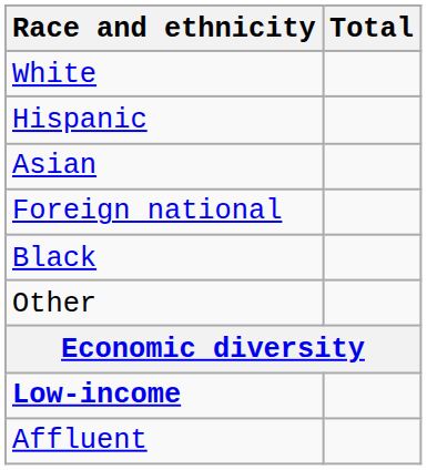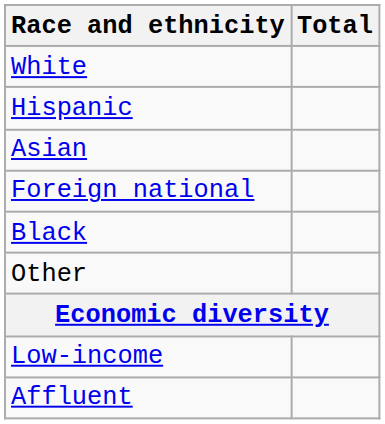 <table class="wikitable floatright sortable collapsible"; text-align:right; font-size:80%;">
 <tr>
 <th>Race and ethnicity</th>
 <th colspan="2" data-sort-type=number>Total</th>
 </tr>
 <tr>
 <td><a href='#'>White</a></td>
 <td align=right></td>
 </tr>
 <tr>
 <td><a href='#'>Hispanic</a></td>
 <td align=right></td>
 </tr>
 <tr>
 <td><a href='#'>Asian</a></td>
 <td align=right></td>
 </tr>
 <tr>
 <td><a href='#'>Foreign national</a></td>
 <td align=right></td>
 </tr>
 <tr>
 <td><a href='#'>Black</a></td>
 <td align=right></td>
 </tr>
 <tr>
 <td>Other</td>
 <td align=right></td>
 </tr>
 <tr>
 <th colspan="4" data-sort-type=number><a href='#'>Economic diversity</a></th>
 </tr>
 <tr>
-<td><strong><a href='#'>Low-income</a></strong></td>
+<td><a href='#'>Low-income</a></td>
 <td align=right></td>
 </tr>
 <tr>
 <td><a href='#'>Affluent</a></td>
 <td align=right></td>
 </tr>
 </table>
